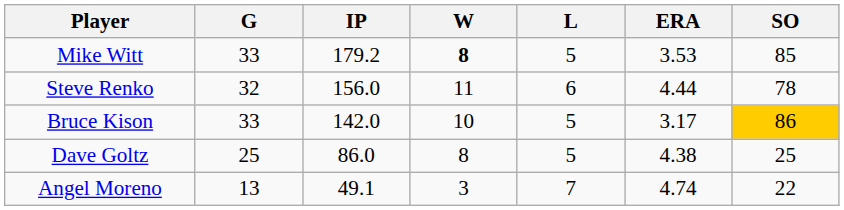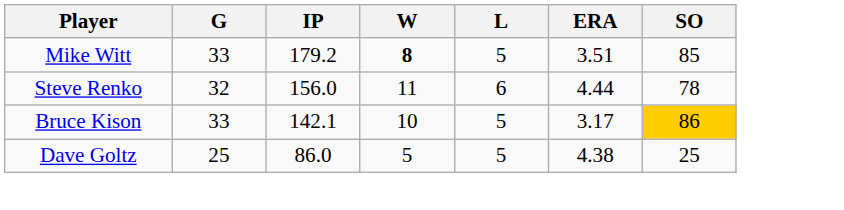 <table class="wikitable sortable">
 <tr>
 <th bgcolor="#DDDDFF" width="16%">Player</th>
 <th bgcolor="#DDDDFF" width="9%">G</th>
 <th bgcolor="#DDDDFF" width="9%">IP</th>
 <th bgcolor="#DDDDFF" width="9%">W</th>
 <th bgcolor="#DDDDFF" width="9%">L</th>
 <th bgcolor="#DDDDFF" width="9%">ERA</th>
 <th bgcolor="#DDDDFF" width="9%">SO</th>
 </tr>
 <tr align="center">
 <td><a href='#'>Mike Witt</a></td>
 <td>33</td>
 <td>179.2</td>
 <td><strong>8</strong></td>
 <td>5</td>
-<td>3.53</td>
+<td>3.51</td>
 <td>85</td>
 </tr>
 <tr align="center">
 <td><a href='#'>Steve Renko</a></td>
 <td>32</td>
 <td>156.0</td>
 <td>11</td>
 <td>6</td>
 <td>4.44</td>
 <td>78</td>
 </tr>
 <tr align="center">
 <td><a href='#'>Bruce Kison</a></td>
 <td>33</td>
-<td>142.0</td>
+<td>142.1</td>
 <td>10</td>
 <td>5</td>
 <td>3.17</td>
 <td style="background:#fc0;">86</td>
 </tr>
 <tr align="center">
 <td><a href='#'>Dave Goltz</a></td>
 <td>25</td>
 <td>86.0</td>
-<td>8</td>
+<td>5</td>
 <td>5</td>
 <td>4.38</td>
 <td>25</td>
 </tr>
-<tr align="center">
-<td><a href='#'>Angel Moreno</a></td>
-<td>13</td>
-<td>49.1</td>
-<td>3</td>
-<td>7</td>
-<td>4.74</td>
-<td>22</td>
-</tr>
 </table>
